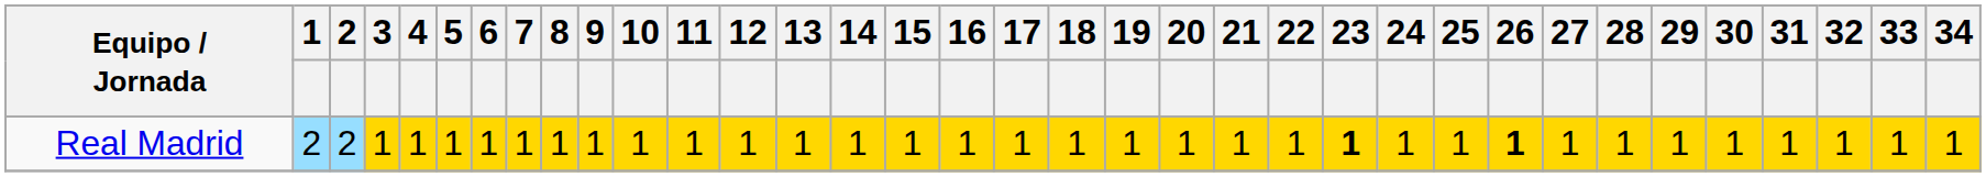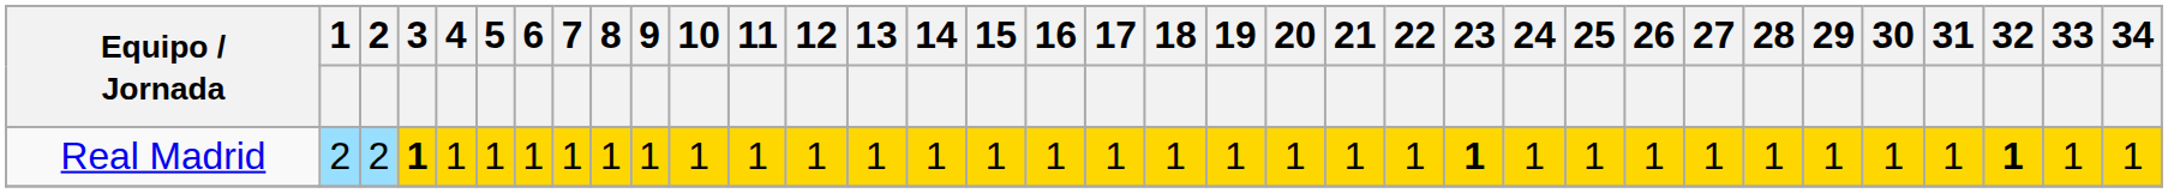 <table class="wikitable sortable" style="text-align:center;">
 <tr>
 <th width="125" rowspan=2 align=left><small>Equipo /<br> Jornada</small></th>
 <th width="2">1</th>
 <th width="2">2</th>
 <th width="2">3</th>
 <th width="2">4</th>
 <th width="2">5</th>
 <th width="2">6</th>
 <th width="2">7</th>
 <th width="2">8</th>
 <th width="2">9</th>
 <th width="2">10</th>
 <th width="2">11</th>
 <th width="2">12</th>
 <th width="2">13</th>
 <th width="2">14</th>
 <th width="2">15</th>
 <th width="2">16</th>
 <th width="2">17</th>
 <th width="2">18</th>
 <th width="2">19</th>
 <th width="2">20</th>
 <th width="2">21</th>
 <th width="2">22</th>
 <th width="2">23</th>
 <th width="2">24</th>
 <th width="2">25</th>
 <th width="2">26</th>
 <th width="2">27</th>
 <th width="2">28</th>
 <th width="2">29</th>
 <th width="2">30</th>
 <th width="2">31</th>
 <th width="2">32</th>
 <th width="2">33</th>
 <th width="2">34</th>
 </tr>
 <tr>
 <th width="2"><br></th>
 <th width="2"></th>
 <th width="2"></th>
 <th width="2"></th>
 <th width="2"></th>
 <th width="2"></th>
 <th width="2"></th>
 <th width="2"></th>
 <th width="2"></th>
 <th width="2"></th>
 <th width="2"></th>
 <th width="2"></th>
 <th width="2"></th>
 <th width="2"></th>
 <th width="2"></th>
 <th width="2"></th>
 <th width="2"></th>
 <th width="2"></th>
 <th width="2"></th>
 <th width="2"></th>
 <th width="2"></th>
 <th width="2"></th>
 <th width="2"></th>
 <th width="2"></th>
 <th width="2"></th>
 <th width="2"></th>
 <th width="2"></th>
 <th width="2"></th>
 <th width="2"></th>
 <th width="2"></th>
 <th width="2"></th>
 <th width="2"></th>
 <th width="2"></th>
 <th width="2"></th>
 </tr>
 <tr align="center" width=small>
 <td><a href='#'>Real Madrid</a></td>
 <td style="background: #97DEFF">2</td>
 <td style="background: #97DEFF">2</td>
-<td style="background: #FFD700">1</td>
+<td style="background: #FFD700"><strong>1</strong></td>
 <td style="background: #FFD700">1</td>
 <td style="background: #FFD700">1</td>
 <td style="background: #FFD700">1</td>
 <td style="background: #FFD700">1</td>
 <td style="background: #FFD700">1</td>
 <td style="background: #FFD700">1</td>
 <td style="background: #FFD700">1</td>
 <td style="background: #FFD700">1</td>
 <td style="background: #FFD700">1</td>
 <td style="background: #FFD700">1</td>
 <td style="background: #FFD700">1</td>
 <td style="background: #FFD700">1</td>
 <td style="background: #FFD700">1</td>
 <td style="background: #FFD700">1</td>
 <td style="background: #FFD700">1</td>
 <td style="background: #FFD700">1</td>
 <td style="background: #FFD700">1</td>
 <td style="background: #FFD700">1</td>
 <td style="background: #FFD700">1</td>
 <td style="background: #FFD700"><strong>1</strong></td>
 <td style="background: #FFD700">1</td>
 <td style="background: #FFD700">1</td>
-<td style="background: #FFD700"><strong>1</strong></td>
 <td style="background: #FFD700">1</td>
 <td style="background: #FFD700">1</td>
 <td style="background: #FFD700">1</td>
 <td style="background: #FFD700">1</td>
 <td style="background: #FFD700">1</td>
 <td style="background: #FFD700">1</td>
+<td style="background: #FFD700"><strong>1</strong></td>
 <td style="background: #FFD700">1</td>
 <td style="background: #FFD700">1</td>
 </tr>
 <tr>
 </tr>
 </table>
